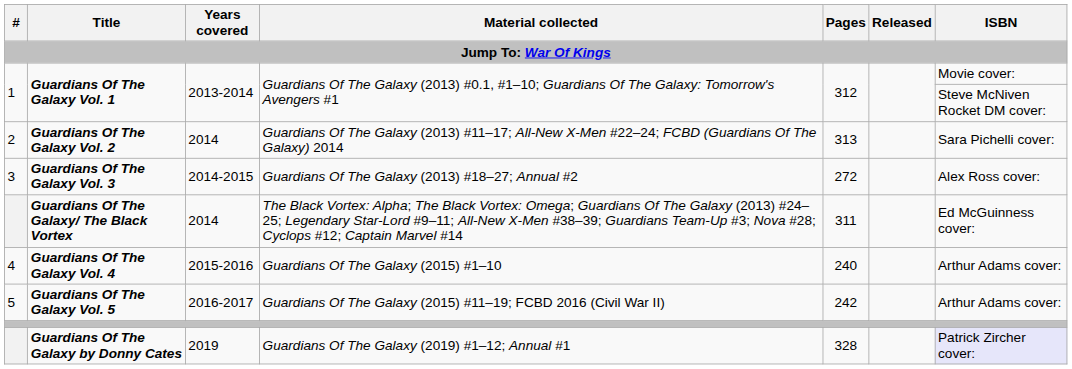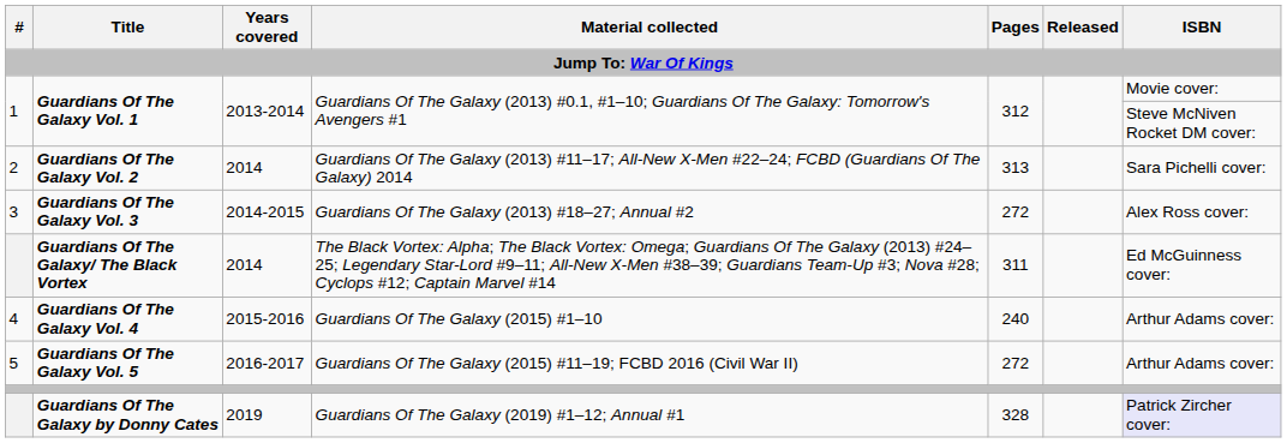 <table class="wikitable sortable" width=99%>
 <tr>
 <th class="unsortable" width=20px>#</th>
 <th>Title</th>
 <th>Years covered</th>
 <th class="unsortable">Material collected</th>
 <th>Pages</th>
 <th>Released</th>
 <th class="unsortable">ISBN</th>
 </tr>
 <tr>
 <th colspan=7 style="background-color: silver;">Jump To: <a href='#'><em>War Of Kings</em></a></th>
 </tr>
 <tr>
 <td rowspan="2">1</td>
 <td rowspan="2"><strong><em>Guardians Of The Galaxy Vol. 1</em></strong></td>
 <td rowspan="2">2013-2014</td>
 <td rowspan="2"><em>Guardians Of The Galaxy</em> (2013) #0.1, #1–10; <em>Guardians Of The Galaxy: Tomorrow's Avengers</em> #1</td>
 <td style="text-align: center;" rowspan=2>312</td>
 <td rowspan="2"></td>
 <td>Movie cover: </td>
 </tr>
 <tr>
 <td>Steve McNiven Rocket DM cover: </td>
 </tr>
 <tr>
 <td>2</td>
 <td><strong><em>Guardians Of The Galaxy Vol. 2</em></strong></td>
 <td>2014</td>
 <td><em>Guardians Of The Galaxy</em> (2013) #11–17; <em>All-New X-Men</em> #22–24; <em>FCBD (Guardians Of The Galaxy)</em> 2014</td>
 <td style="text-align: center;">313</td>
 <td></td>
 <td>Sara Pichelli cover: </td>
 </tr>
 <tr>
 <td>3</td>
 <td><strong><em>Guardians Of The Galaxy Vol. 3</em></strong></td>
 <td>2014-2015</td>
 <td><em>Guardians Of The Galaxy</em> (2013) #18–27; <em>Annual</em> #2</td>
 <td style="text-align: center;">272</td>
 <td></td>
 <td>Alex Ross cover: </td>
 </tr>
 <tr>
 <th style="background-color: light grey;"></th>
 <td><strong><em>Guardians Of The Galaxy/ The Black Vortex</em></strong></td>
 <td>2014</td>
 <td><em>The Black Vortex: Alpha</em>; <em>The Black Vortex: Omega</em>; <em>Guardians Of The Galaxy</em> (2013) #24–25; <em>Legendary Star-Lord</em> #9–11; <em>All-New X-Men</em> #38–39; <em>Guardians Team-Up</em> #3; <em>Nova</em> #28; <em>Cyclops</em> #12; <em>Captain Marvel</em> #14</td>
 <td style="text-align: center;">311</td>
 <td></td>
 <td>Ed McGuinness cover: </td>
 </tr>
 <tr>
 <td>4</td>
 <td><strong><em>Guardians Of The Galaxy Vol. 4</em></strong></td>
 <td>2015-2016</td>
 <td><em>Guardians Of The Galaxy</em> (2015) #1–10</td>
 <td style="text-align: center;">240</td>
 <td></td>
 <td>Arthur Adams cover: </td>
 </tr>
 <tr>
 <td>5</td>
 <td><strong><em>Guardians Of The Galaxy Vol. 5</em></strong></td>
 <td>2016-2017</td>
 <td><em>Guardians Of The Galaxy</em> (2015) #11–19; FCBD 2016 (Civil War II)</td>
-<td style="text-align: center;">242</td>
+<td style="text-align: center;">272</td>
 <td></td>
 <td>Arthur Adams cover: </td>
 </tr>
 <tr>
 <th colspan=7 style="background-color: silver;"></th>
 </tr>
 <tr>
 <th style="background-color: light grey;"></th>
 <td><strong><em>Guardians Of The Galaxy by Donny Cates</em></strong></td>
 <td>2019</td>
 <td><em>Guardians Of The Galaxy</em> (2019) #1–12; <em>Annual</em> #1</td>
 <td style="text-align: center;">328</td>
 <td></td>
 <td style="background: lavender;">Patrick Zircher cover: </td>
 </tr>
 </table>
